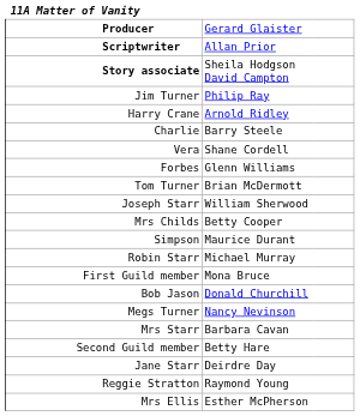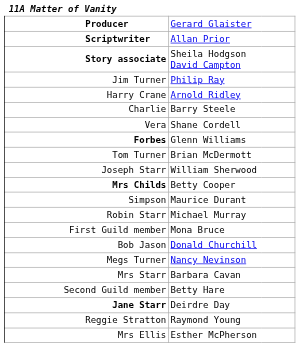 <table class="wikitable mw-collapsible mw-collapsed" style="vertical-align:top;margin:auto 2em;line-height:1.2;min-width:33em;display: inline-table;background-color:inherit;border:none;">
 <tr>
 <td class=unsortable style="border:hidden;line-height:1.67;text-align:center;margin-left:-1em;padding-left:0.5em;min-width:1.0em;"></td>
 <td class=unsortable style="border:none;padding-left:0.5em;text-align:left;min-width:16.5em;font-weight:700;font-style:italic;">11A Matter of Vanity</td>
 <td class=unsortable style="border:none;text-align:right;font-weight:normal;font-family:Courier;font-size:95%;letter-spacing:-1pt;min-width:8.5em;padding-right:0.2em;"></td>
 <td class=unsortable style="border:hidden;min-width:3.5em;padding-left:0;"></td>
 <td class=unsortable style="border:hidden;min-width:3.5em;font-size:95%;"></td>
 </tr>
 <tr>
 <td rowspan=100 style="border:none thin;border-right-style :solid;"></td>
 </tr>
 <tr>
 <td style="text-align:left;padding-left:9.0em;font-weight:bold;">Producer</td>
 <td colspan=2><a href='#'>Gerard Glaister</a></td>
 </tr>
 <tr>
 <td style="text-align:left;padding-left:9.0em;font-weight:bold;">Scriptwriter</td>
 <td colspan=2><a href='#'>Allan Prior</a></td>
 </tr>
 <tr>
 <td style="text-align:left;padding-left:9.0em;font-weight:bold;">Story associate</td>
 <td colspan=2>Sheila Hodgson<br><a href='#'>David Campton</a></td>
 </tr>
 <tr>
 <td style="text-align:right;">Jim Turner</td>
 <td colspan=2><a href='#'>Philip Ray</a></td>
 </tr>
 <tr>
 <td style="text-align:right;">Harry Crane</td>
 <td colspan=2><a href='#'>Arnold Ridley</a></td>
 </tr>
 <tr>
 <td style="text-align:right;">Charlie</td>
 <td colspan=2>Barry Steele</td>
 </tr>
 <tr>
 <td style="text-align:right;">Vera</td>
 <td colspan=2>Shane Cordell</td>
 </tr>
 <tr>
-<td style="text-align:right;">Forbes</td>
+<td style="text-align:right;"><strong>Forbes</strong></td>
 <td colspan=2>Glenn Williams</td>
 </tr>
 <tr>
 <td style="text-align:right;">Tom Turner</td>
 <td colspan=2>Brian McDermott</td>
 </tr>
 <tr>
 <td style="text-align:right;">Joseph Starr</td>
 <td colspan=2>William Sherwood</td>
 </tr>
 <tr>
-<td style="text-align:right;">Mrs Childs</td>
+<td style="text-align:right;"><strong>Mrs Childs</strong></td>
 <td colspan=2>Betty Cooper</td>
 </tr>
 <tr>
 <td style="text-align:right;">Simpson</td>
 <td colspan=2>Maurice Durant</td>
 </tr>
 <tr>
 <td style="text-align:right;">Robin Starr</td>
 <td colspan=2>Michael Murray</td>
 </tr>
 <tr>
 <td style="text-align:right;">First Guild member</td>
 <td colspan=2>Mona Bruce</td>
 </tr>
 <tr>
 <td style="text-align:right;">Bob Jason</td>
 <td colspan=2><a href='#'>Donald Churchill</a></td>
 </tr>
 <tr>
 <td style="text-align:right;">Megs Turner</td>
 <td colspan=2><a href='#'>Nancy Nevinson</a></td>
 </tr>
 <tr>
 <td style="text-align:right;">Mrs Starr</td>
 <td colspan=2>Barbara Cavan</td>
 </tr>
 <tr>
 <td style="text-align:right;">Second Guild member</td>
 <td colspan=2>Betty Hare</td>
 </tr>
 <tr>
-<td style="text-align:right;">Jane Starr</td>
+<td style="text-align:right;"><strong>Jane Starr</strong></td>
 <td colspan=2>Deirdre Day</td>
 </tr>
 <tr>
 <td style="text-align:right;">Reggie Stratton</td>
 <td colspan=2>Raymond Young</td>
 </tr>
 <tr>
 <td style="text-align:right;">Mrs Ellis</td>
 <td colspan=2>Esther McPherson</td>
 </tr>
 </table>
